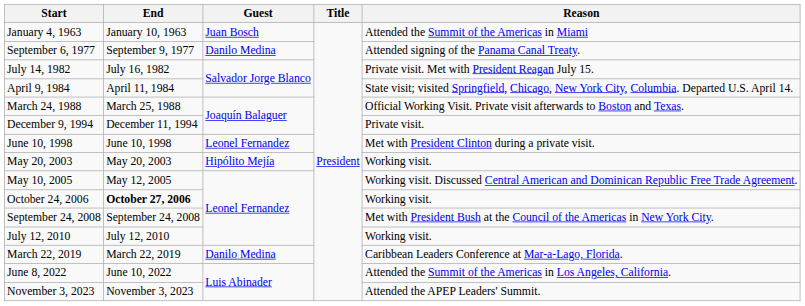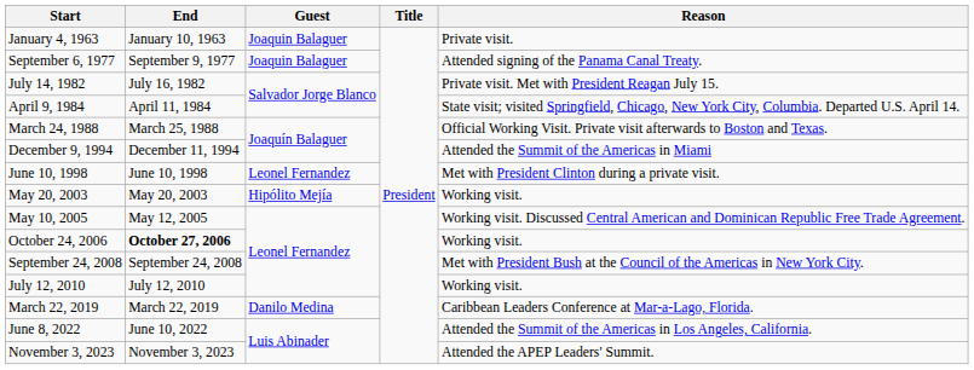 <table class="wikitable sortable">
 <tr>
 <th>Start</th>
 <th>End</th>
 <th>Guest</th>
 <th>Title</th>
 <th>Reason</th>
 </tr>
 <tr>
 <td>January 4, 1963</td>
 <td>January 10, 1963</td>
-<td><a href='#'>Juan Bosch</a></td>
+<td><a href='#'>Joaquin Balaguer</a></td>
 <td rowspan=15><a href='#'>President</a></td>
-<td>Attended the <a href='#'>Summit of the Americas</a> in <a href='#'>Miami</a></td>
+<td>Private visit.</td>
 </tr>
 <tr>
 <td>September 6, 1977</td>
 <td>September 9, 1977</td>
-<td><a href='#'>Danilo Medina</a></td>
+<td><a href='#'>Joaquin Balaguer</a></td>
 <td>Attended signing of the <a href='#'>Panama Canal Treaty</a>.</td>
 </tr>
 <tr>
 <td>July 14, 1982</td>
 <td>July 16, 1982</td>
 <td rowspan=2><a href='#'>Salvador Jorge Blanco</a></td>
 <td>Private visit. Met with <a href='#'>President Reagan</a> July 15.</td>
 </tr>
 <tr>
 <td>April 9, 1984</td>
 <td>April 11, 1984</td>
 <td>State visit; visited <a href='#'>Springfield</a>, <a href='#'>Chicago</a>, <a href='#'>New York City</a>, <a href='#'>Columbia</a>. Departed U.S. April 14.</td>
 </tr>
 <tr>
 <td>March 24, 1988</td>
 <td>March 25, 1988</td>
 <td rowspan=2><a href='#'>Joaquín Balaguer</a></td>
 <td>Official Working Visit. Private visit afterwards to <a href='#'>Boston</a> and <a href='#'>Texas</a>.</td>
 </tr>
 <tr>
 <td>December 9, 1994</td>
 <td>December 11, 1994</td>
-<td>Private visit.</td>
+<td>Attended the <a href='#'>Summit of the Americas</a> in <a href='#'>Miami</a></td>
 </tr>
 <tr>
 <td>June 10, 1998</td>
 <td>June 10, 1998</td>
 <td><a href='#'>Leonel Fernandez</a></td>
 <td>Met with <a href='#'>President Clinton</a> during a private visit.</td>
 </tr>
 <tr>
 <td>May 20, 2003</td>
 <td>May 20, 2003</td>
 <td><a href='#'>Hipólito Mejía</a></td>
 <td>Working visit.</td>
 </tr>
 <tr>
 <td>May 10, 2005</td>
 <td>May 12, 2005</td>
 <td rowspan=4><a href='#'>Leonel Fernandez</a></td>
 <td>Working visit. Discussed <a href='#'>Central American and Dominican Republic Free Trade Agreement</a>.</td>
 </tr>
 <tr>
 <td>October 24, 2006</td>
 <td><strong>October 27, 2006</strong></td>
 <td>Working visit.</td>
 </tr>
 <tr>
 <td>September 24, 2008</td>
 <td>September 24, 2008</td>
 <td>Met with <a href='#'>President Bush</a> at the <a href='#'>Council of the Americas</a> in <a href='#'>New York City</a>.</td>
 </tr>
 <tr>
 <td>July 12, 2010</td>
 <td>July 12, 2010</td>
 <td>Working visit.</td>
 </tr>
 <tr>
 <td>March 22, 2019</td>
 <td>March 22, 2019</td>
 <td><a href='#'>Danilo Medina</a></td>
 <td>Caribbean Leaders Conference at <a href='#'>Mar-a-Lago, Florida</a>.</td>
 </tr>
 <tr>
 <td>June 8, 2022</td>
 <td>June 10, 2022</td>
 <td rowspan=2><a href='#'>Luis Abinader</a></td>
 <td>Attended the <a href='#'>Summit of the Americas</a> in <a href='#'>Los Angeles, California</a>.</td>
 </tr>
 <tr>
 <td>November 3, 2023</td>
 <td>November 3, 2023</td>
 <td>Attended the APEP Leaders' Summit.</td>
 </tr>
 </table>
